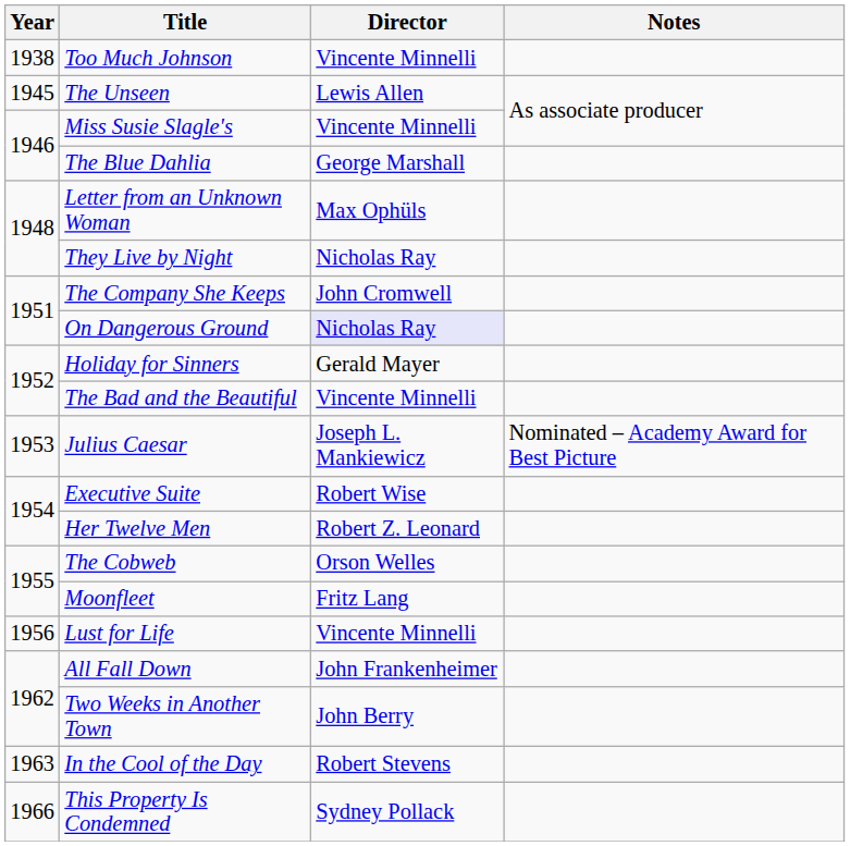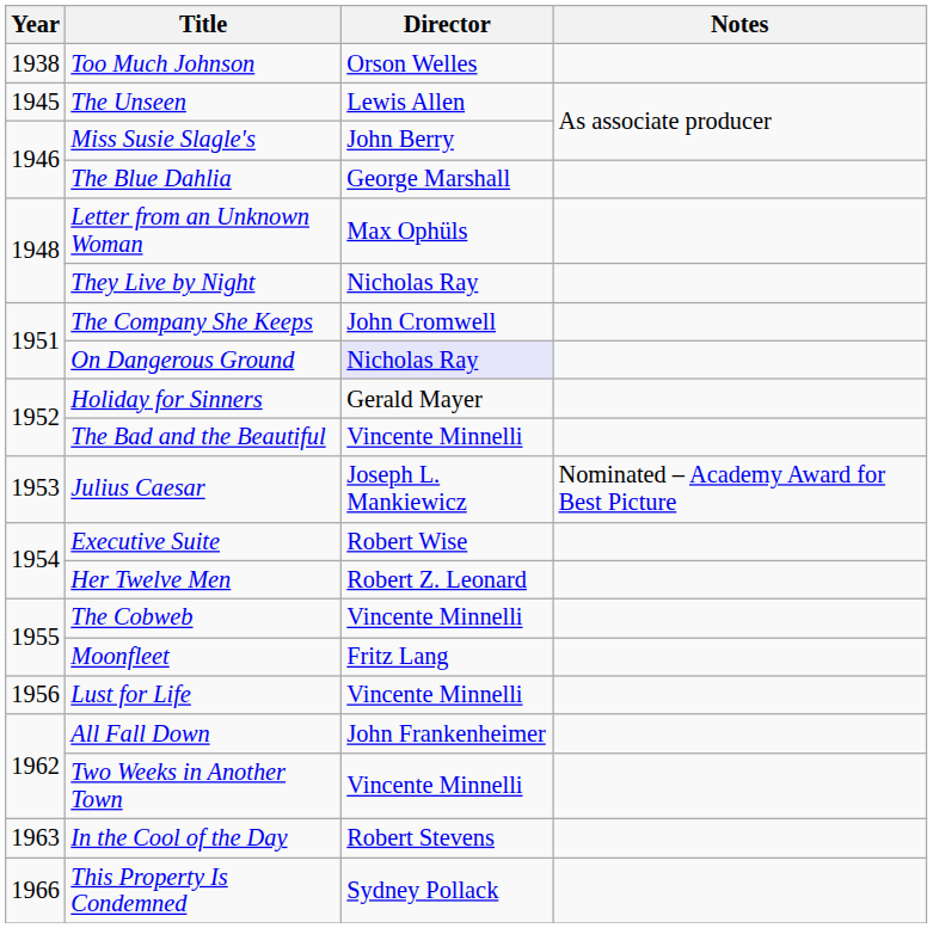 <table class="wikitable sortable">
 <tr>
 <th>Year</th>
 <th>Title</th>
 <th>Director</th>
 <th>Notes</th>
 </tr>
 <tr>
 <td>1938</td>
 <td><em><a href='#'>Too Much Johnson</a></em></td>
-<td><a href='#'>Vincente Minnelli</a></td>
+<td><a href='#'>Orson Welles</a></td>
 <td></td>
 </tr>
 <tr>
 <td>1945</td>
 <td><a href='#'><em>The Unseen</em></a></td>
 <td><a href='#'>Lewis Allen</a></td>
 <td rowspan="2">As associate producer</td>
 </tr>
 <tr>
 <td rowspan="2">1946</td>
 <td><em><a href='#'>Miss Susie Slagle's</a></em></td>
-<td><a href='#'>Vincente Minnelli</a></td>
+<td><a href='#'>John Berry</a></td>
 </tr>
 <tr>
 <td><em><a href='#'>The Blue Dahlia</a></em></td>
 <td><a href='#'>George Marshall</a></td>
 <td></td>
 </tr>
 <tr>
 <td rowspan="2">1948</td>
 <td><a href='#'><em>Letter from an Unknown Woman</em></a></td>
 <td><a href='#'>Max Ophüls</a></td>
 <td></td>
 </tr>
 <tr>
 <td><em><a href='#'>They Live by Night</a></em></td>
 <td><a href='#'>Nicholas Ray</a></td>
 <td></td>
 </tr>
 <tr>
 <td rowspan="2">1951</td>
 <td><em><a href='#'>The Company She Keeps</a></em></td>
 <td><a href='#'>John Cromwell</a></td>
 <td></td>
 </tr>
 <tr>
 <td><em><a href='#'>On Dangerous Ground</a></em></td>
 <td style="background: lavender;"><a href='#'>Nicholas Ray</a></td>
 <td></td>
 </tr>
 <tr>
 <td rowspan="2">1952</td>
 <td><em><a href='#'>Holiday for Sinners</a></em></td>
 <td>Gerald Mayer</td>
 <td></td>
 </tr>
 <tr>
 <td><em><a href='#'>The Bad and the Beautiful</a></em></td>
 <td><a href='#'>Vincente Minnelli</a></td>
 <td></td>
 </tr>
 <tr>
 <td>1953</td>
 <td><a href='#'><em>Julius Caesar</em></a></td>
 <td><a href='#'>Joseph L. Mankiewicz</a></td>
 <td>Nominated – <a href='#'>Academy Award for Best Picture</a></td>
 </tr>
 <tr>
 <td rowspan="2">1954</td>
 <td><em><a href='#'>Executive Suite</a></em></td>
 <td><a href='#'>Robert Wise</a></td>
 <td></td>
 </tr>
 <tr>
 <td><em><a href='#'>Her Twelve Men</a></em></td>
 <td><a href='#'>Robert Z. Leonard</a></td>
 <td></td>
 </tr>
 <tr>
 <td rowspan="2">1955</td>
 <td><a href='#'><em>The Cobweb</em></a></td>
-<td><a href='#'>Orson Welles</a></td>
+<td><a href='#'>Vincente Minnelli</a></td>
 <td></td>
 </tr>
 <tr>
 <td><a href='#'><em>Moonfleet</em></a></td>
 <td><a href='#'>Fritz Lang</a></td>
 <td></td>
 </tr>
 <tr>
 <td>1956</td>
 <td><a href='#'><em>Lust for Life</em></a></td>
 <td><a href='#'>Vincente Minnelli</a></td>
 <td></td>
 </tr>
 <tr>
 <td rowspan="2">1962</td>
 <td><a href='#'><em>All Fall Down</em></a></td>
 <td><a href='#'>John Frankenheimer</a></td>
 <td></td>
 </tr>
 <tr>
 <td><em><a href='#'>Two Weeks in Another Town</a></em></td>
-<td><a href='#'>John Berry</a></td>
+<td><a href='#'>Vincente Minnelli</a></td>
 <td></td>
 </tr>
 <tr>
 <td>1963</td>
 <td><em><a href='#'>In the Cool of the Day</a></em></td>
 <td><a href='#'>Robert Stevens</a></td>
 <td></td>
 </tr>
 <tr>
 <td>1966</td>
 <td><em><a href='#'>This Property Is Condemned</a></em></td>
 <td><a href='#'>Sydney Pollack</a></td>
 <td></td>
 </tr>
 </table>
